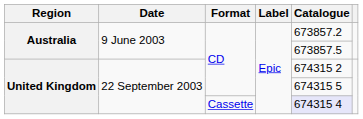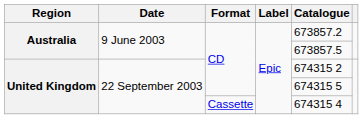 <table class="wikitable plainrowheaders">
 <tr>
 <th>Region</th>
 <th>Date</th>
 <th>Format</th>
 <th>Label</th>
 <th>Catalogue</th>
 <th></th>
 </tr>
 <tr>
 <th scope="row" rowspan="2">Australia</th>
 <td rowspan="2">9 June 2003</td>
 <td rowspan="4"><a href='#'>CD</a></td>
 <td rowspan="5"><a href='#'>Epic</a></td>
 <td>673857.2</td>
 <td rowspan="2"></td>
 </tr>
 <tr>
 <td>673857.5</td>
 </tr>
 <tr>
 <th scope="row" rowspan="3">United Kingdom</th>
 <td rowspan="3">22 September 2003</td>
 <td>674315 2</td>
 <td rowspan="3"></td>
 </tr>
 <tr>
 <td>674315 5</td>
 </tr>
 <tr>
 <td><a href='#'>Cassette</a></td>
-<td style="background: lavender;">674315 4</td>
+<td>674315 4</td>
 </tr>
 </table>
